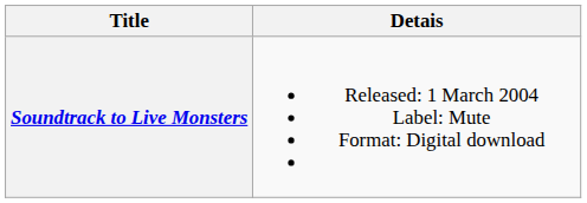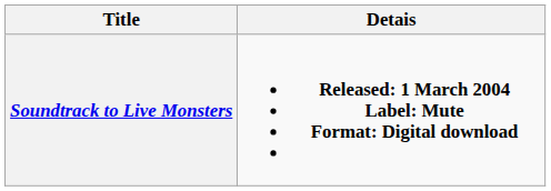 <table class="wikitable plainrowheaders" style="text-align:center">
 <tr>
 <th scope="col" style="width:12em;">Title</th>
 <th scope="col" style="width:16em;">Detais</th>
 </tr>
 <tr>
 <th scope="row"><em><a href='#'>Soundtrack to Live Monsters</a></em></th>
-<td><br><ul><li>Released: 1 March 2004</li><li>Label: Mute</li><li>Format: Digital download</li><li></li></ul></td>
+<td><strong><br><ul><li>Released: 1 March 2004</li><li>Label: Mute</li><li>Format: Digital download</li><li></li></ul></strong></td>
 </tr>
 </table>
